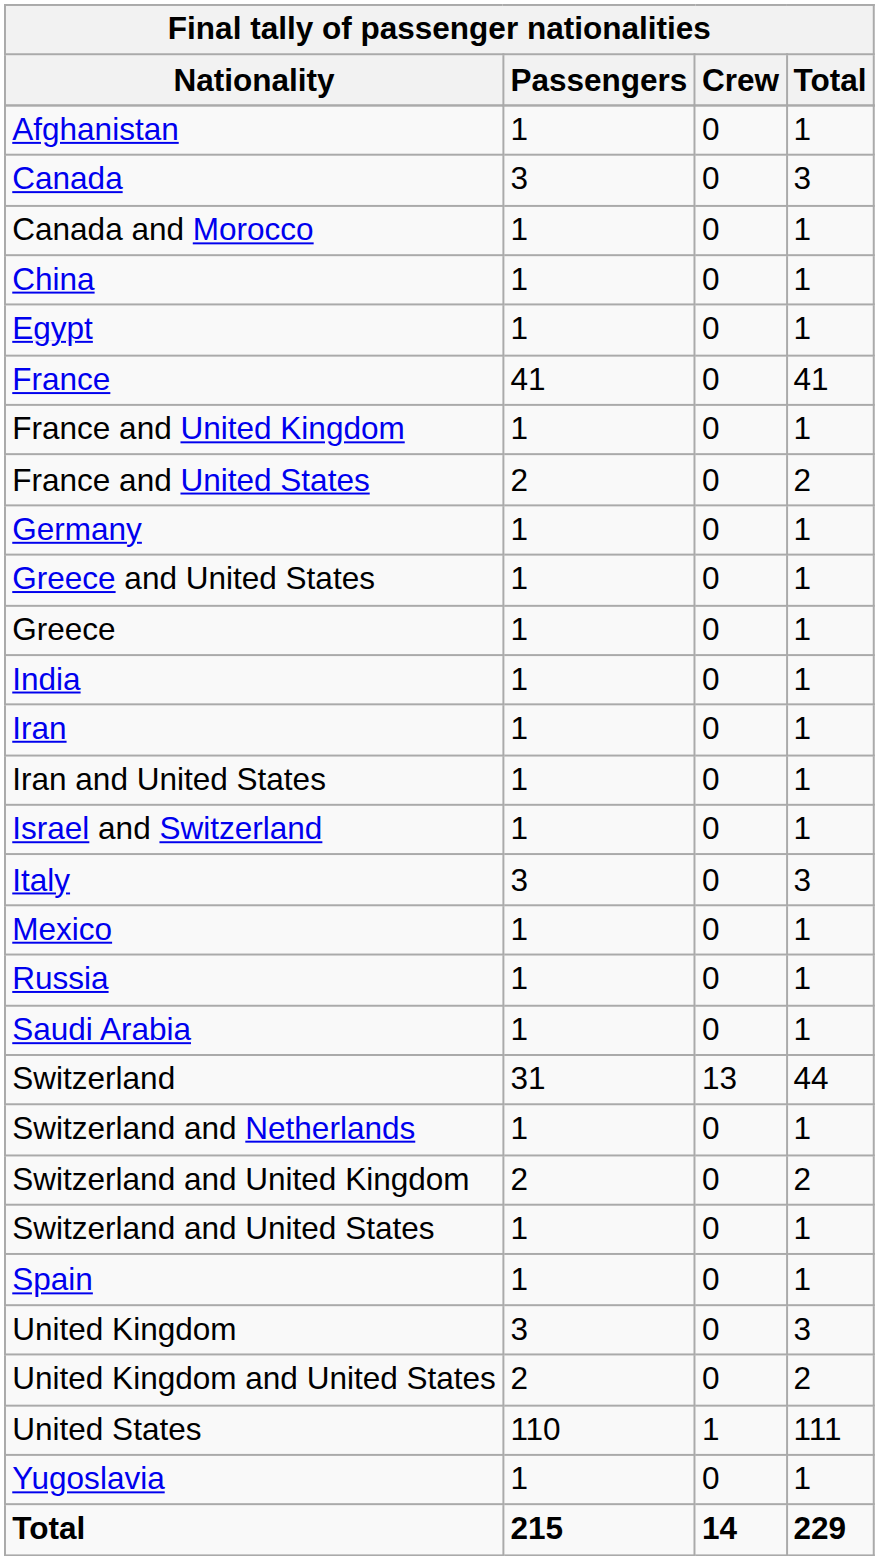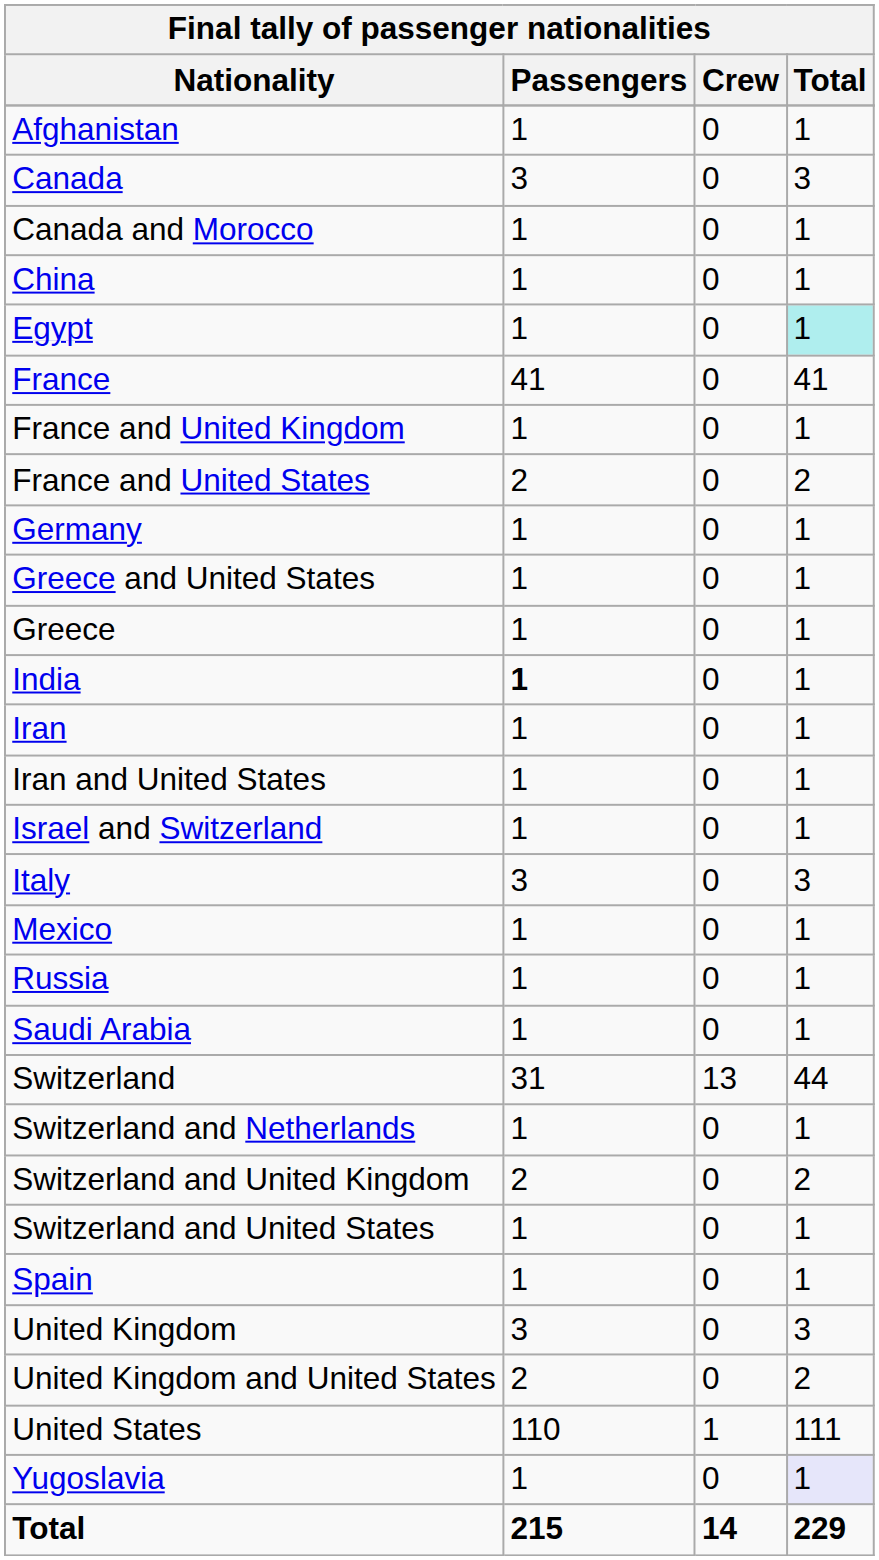 <table class="wikitable collapsible collapsed">
 <tr>
 <th colspan=4>Final tally of passenger nationalities</th>
 </tr>
 <tr>
 <th rowspan=1>Nationality</th>
 <th colspan=1>Passengers</th>
 <th colspan=1>Crew</th>
 <th colspan=1>Total</th>
 </tr>
 <tr bgcolor=ccccff>
 </tr>
 <tr valign=top>
 <td><a href='#'>Afghanistan</a></td>
 <td>1</td>
 <td>0</td>
 <td>1</td>
 </tr>
 <tr valign=top>
 <td><a href='#'>Canada</a></td>
 <td>3</td>
 <td>0</td>
 <td>3</td>
 </tr>
 <tr valign=top>
 <td>Canada and <a href='#'>Morocco</a></td>
 <td>1</td>
 <td>0</td>
 <td>1</td>
 </tr>
 <tr valign=top>
 <td><a href='#'>China</a></td>
 <td>1</td>
 <td>0</td>
 <td>1</td>
 </tr>
 <tr valign=top>
 <td><a href='#'>Egypt</a></td>
 <td>1</td>
 <td>0</td>
-<td>1</td>
+<td style="background: paleturquoise;">1</td>
 </tr>
 <tr valign=top>
 <td><a href='#'>France</a></td>
 <td>41</td>
 <td>0</td>
 <td>41</td>
 </tr>
 <tr valign=top>
 <td>France and <a href='#'>United Kingdom</a></td>
 <td>1</td>
 <td>0</td>
 <td>1</td>
 </tr>
 <tr valign=top>
 <td>France and <a href='#'>United States</a></td>
 <td>2</td>
 <td>0</td>
 <td>2</td>
 </tr>
 <tr valign=top>
 <td><a href='#'>Germany</a></td>
 <td>1</td>
 <td>0</td>
 <td>1</td>
 </tr>
 <tr valign8=top>
 <td><a href='#'>Greece</a> and United States</td>
 <td>1</td>
 <td>0</td>
 <td>1</td>
 </tr>
 <tr valign=top>
 <td>Greece</td>
 <td>1</td>
 <td>0</td>
 <td>1</td>
 </tr>
 <tr valign=top>
 <td><a href='#'>India</a></td>
-<td>1</td>
+<td><strong>1</strong></td>
 <td>0</td>
 <td>1</td>
 </tr>
 <tr valign=top>
 <td><a href='#'>Iran</a></td>
 <td>1</td>
 <td>0</td>
 <td>1</td>
 </tr>
 <tr valign=top>
 <td>Iran and United States</td>
 <td>1</td>
 <td>0</td>
 <td>1</td>
 </tr>
 <tr valign=top>
 <td><a href='#'>Israel</a> and <a href='#'>Switzerland</a></td>
 <td>1</td>
 <td>0</td>
 <td>1</td>
 </tr>
 <tr valign=top>
 <td><a href='#'>Italy</a></td>
 <td>3</td>
 <td>0</td>
 <td>3</td>
 </tr>
 <tr valign=top>
 <td><a href='#'>Mexico</a></td>
 <td>1</td>
 <td>0</td>
 <td>1</td>
 </tr>
 <tr valign=top>
 <td><a href='#'>Russia</a></td>
 <td>1</td>
 <td>0</td>
 <td>1</td>
 </tr>
 <tr valign=top>
 <td><a href='#'>Saudi Arabia</a></td>
 <td>1</td>
 <td>0</td>
 <td>1</td>
 </tr>
 <tr valign=top>
 <td>Switzerland</td>
 <td>31</td>
 <td>13</td>
 <td>44</td>
 </tr>
 <tr valign=top>
 <td>Switzerland and <a href='#'>Netherlands</a></td>
 <td>1</td>
 <td>0</td>
 <td>1</td>
 </tr>
 <tr valign=top>
 <td>Switzerland and United Kingdom</td>
 <td>2</td>
 <td>0</td>
 <td>2</td>
 </tr>
 <tr valign=top>
 <td>Switzerland and United States</td>
 <td>1</td>
 <td>0</td>
 <td>1</td>
 </tr>
 <tr valign=top>
 <td><a href='#'>Spain</a></td>
 <td>1</td>
 <td>0</td>
 <td>1</td>
 </tr>
 <tr valign=top>
 <td>United Kingdom</td>
 <td>3</td>
 <td>0</td>
 <td>3</td>
 </tr>
 <tr valign=top>
 <td>United Kingdom and United States</td>
 <td>2</td>
 <td>0</td>
 <td>2</td>
 </tr>
 <tr valign=top>
 <td>United States</td>
 <td>110</td>
 <td>1</td>
 <td>111</td>
 </tr>
 <tr valign=top>
 <td><a href='#'>Yugoslavia</a></td>
 <td>1</td>
 <td>0</td>
-<td>1</td>
+<td style="background: lavender;">1</td>
 </tr>
 <tr valign=top>
 <td><strong>Total</strong></td>
 <td><strong>215</strong></td>
 <td><strong>14</strong></td>
 <td><strong>229</strong></td>
 </tr>
 </table>
